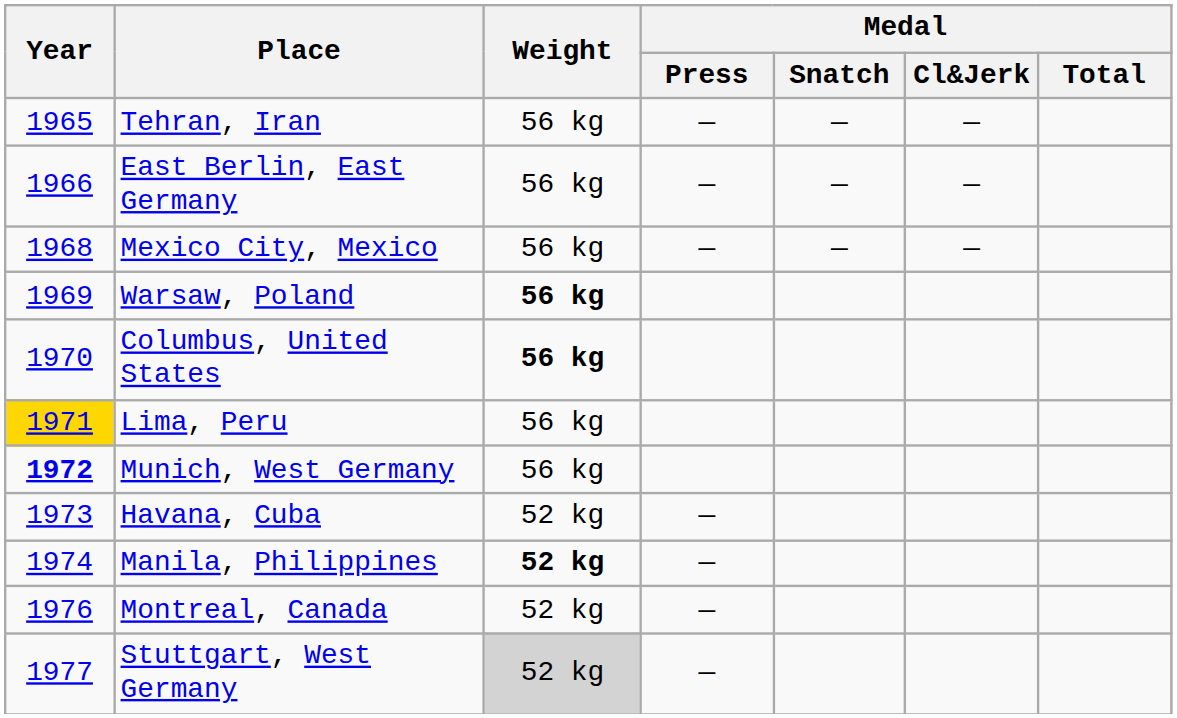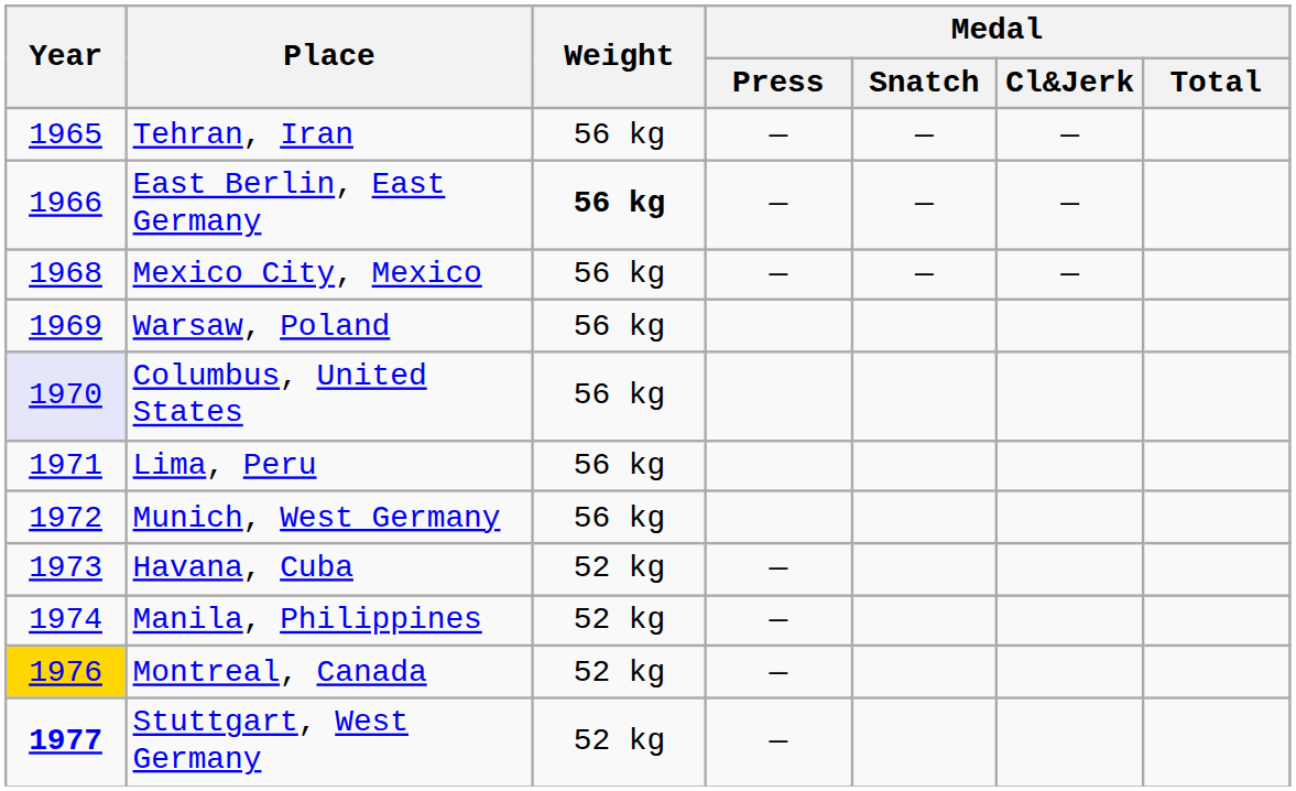 <table class="wikitable" style="text-align:center; font-size:90%">
 <tr>
 <th rowspan=2 width=40>Year</th>
 <th rowspan=2 width=150>Place</th>
 <th rowspan=2 width=60>Weight</th>
 <th colspan=4>Medal</th>
 </tr>
 <tr>
 <th width=50>Press</th>
 <th width=50>Snatch</th>
 <th width=50>Cl&Jerk</th>
 <th width=50>Total</th>
 </tr>
 <tr>
 <td><a href='#'>1965</a></td>
 <td align=left><a href='#'>Tehran</a>, <a href='#'>Iran</a></td>
 <td>56 kg</td>
 <td>—</td>
 <td>—</td>
 <td>—</td>
 <td></td>
 </tr>
 <tr>
 <td><a href='#'>1966</a></td>
 <td align=left><a href='#'>East Berlin</a>, <a href='#'>East Germany</a></td>
-<td>56 kg</td>
+<td><strong>56 kg</strong></td>
 <td>—</td>
 <td>—</td>
 <td>—</td>
 <td></td>
 </tr>
 <tr>
 <td><a href='#'>1968</a></td>
 <td align=left><a href='#'>Mexico City</a>, <a href='#'>Mexico</a></td>
 <td>56 kg</td>
 <td>—</td>
 <td>—</td>
 <td>—</td>
 <td></td>
 </tr>
 <tr>
 <td><a href='#'>1969</a></td>
 <td align=left><a href='#'>Warsaw</a>, <a href='#'>Poland</a></td>
-<td><strong>56 kg</strong></td>
+<td>56 kg</td>
 <td></td>
 <td></td>
 <td></td>
 <td></td>
 </tr>
 <tr>
-<td><a href='#'>1970</a></td>
+<td style="background: lavender;"><a href='#'>1970</a></td>
 <td align=left><a href='#'>Columbus</a>, <a href='#'>United States</a></td>
-<td><strong>56 kg</strong></td>
+<td>56 kg</td>
 <td></td>
 <td></td>
 <td></td>
 <td></td>
 </tr>
 <tr>
-<td style="background: gold;"><a href='#'>1971</a></td>
+<td><a href='#'>1971</a></td>
 <td align=left><a href='#'>Lima</a>, <a href='#'>Peru</a></td>
 <td>56 kg</td>
 <td></td>
 <td></td>
 <td></td>
 <td></td>
 </tr>
 <tr>
-<td><strong><a href='#'>1972</a></strong></td>
+<td><a href='#'>1972</a></td>
 <td align=left><a href='#'>Munich</a>, <a href='#'>West Germany</a></td>
 <td>56 kg</td>
 <td></td>
 <td></td>
 <td></td>
 <td></td>
 </tr>
 <tr>
 <td><a href='#'>1973</a></td>
 <td align=left><a href='#'>Havana</a>, <a href='#'>Cuba</a></td>
 <td>52 kg</td>
 <td>—</td>
 <td></td>
 <td></td>
 <td></td>
 </tr>
 <tr>
 <td><a href='#'>1974</a></td>
 <td align=left><a href='#'>Manila</a>, <a href='#'>Philippines</a></td>
-<td><strong>52 kg</strong></td>
+<td>52 kg</td>
 <td>—</td>
 <td></td>
 <td></td>
 <td></td>
 </tr>
 <tr>
-<td><a href='#'>1976</a></td>
+<td style="background: gold;"><a href='#'>1976</a></td>
 <td align=left><a href='#'>Montreal</a>, <a href='#'>Canada</a></td>
 <td>52 kg</td>
 <td>—</td>
 <td></td>
 <td></td>
 <td></td>
 </tr>
 <tr>
-<td><a href='#'>1977</a></td>
+<td><strong><a href='#'>1977</a></strong></td>
 <td align=left><a href='#'>Stuttgart</a>, <a href='#'>West Germany</a></td>
-<td style="background: lightgrey;">52 kg</td>
+<td>52 kg</td>
 <td>—</td>
 <td></td>
 <td></td>
 <td></td>
 </tr>
 </table>
